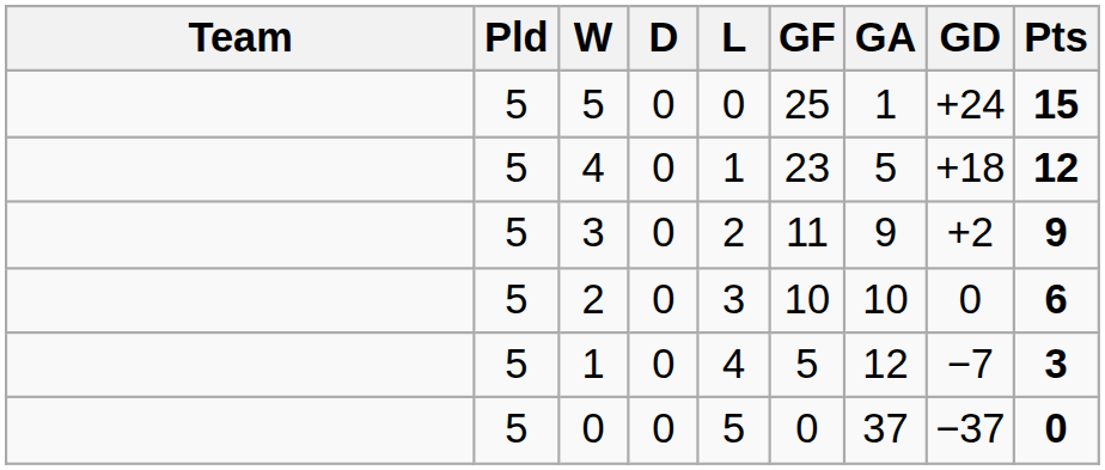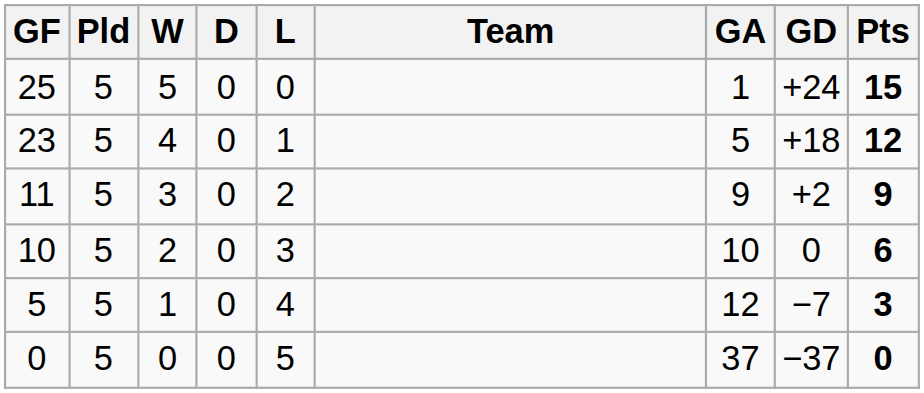 <table class=wikitable style="text-align:center">
 <tr>
-<th width=175>Team</th>
+<th width=20>GF</th>
 <th width=20>Pld</th>
 <th width=20>W</th>
 <th width=20>D</th>
 <th width=20>L</th>
-<th width=20>GF</th>
+<th width=175>Team</th>
 <th width=20>GA</th>
 <th width=20>GD</th>
 <th width=20>Pts</th>
 </tr>
 <tr>
-<td style="text-align:left"></td>
+<td>25</td>
 <td>5</td>
 <td>5</td>
 <td>0</td>
 <td>0</td>
-<td>25</td>
+<td style="text-align:left"></td>
 <td>1</td>
 <td>+24</td>
 <td><strong>15</strong></td>
 </tr>
 <tr>
-<td style="text-align:left"></td>
+<td>23</td>
 <td>5</td>
 <td>4</td>
 <td>0</td>
 <td>1</td>
-<td>23</td>
+<td style="text-align:left"></td>
 <td>5</td>
 <td>+18</td>
 <td><strong>12</strong></td>
 </tr>
 <tr>
-<td style="text-align:left"></td>
+<td>11</td>
 <td>5</td>
 <td>3</td>
 <td>0</td>
 <td>2</td>
-<td>11</td>
+<td style="text-align:left"></td>
 <td>9</td>
 <td>+2</td>
 <td><strong>9</strong></td>
 </tr>
 <tr>
-<td style="text-align:left"></td>
+<td>10</td>
 <td>5</td>
 <td>2</td>
 <td>0</td>
 <td>3</td>
-<td>10</td>
+<td style="text-align:left"></td>
 <td>10</td>
 <td>0</td>
 <td><strong>6</strong></td>
 </tr>
 <tr>
-<td style="text-align:left"></td>
+<td>5</td>
 <td>5</td>
 <td>1</td>
 <td>0</td>
 <td>4</td>
-<td>5</td>
+<td style="text-align:left"></td>
 <td>12</td>
 <td>−7</td>
 <td><strong>3</strong></td>
 </tr>
 <tr>
-<td style="text-align:left"></td>
+<td>0</td>
 <td>5</td>
 <td>0</td>
 <td>0</td>
 <td>5</td>
-<td>0</td>
+<td style="text-align:left"></td>
 <td>37</td>
 <td>−37</td>
 <td><strong>0</strong></td>
 </tr>
 </table>
